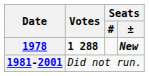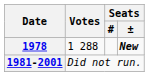 <table class="wikitable">
 <tr>
 <th rowspan="2">Date</th>
 <th rowspan="2">Votes</th>
 <th colspan="2">Seats</th>
 </tr>
 <tr>
 <th>#</th>
 <th>±</th>
 </tr>
 <tr>
 <th><a href='#'>1978</a></th>
-<td><strong>1 288</strong></td>
+<td>1 288</td>
 <td></td>
 <td><strong><em>New</em></strong></td>
 </tr>
 <tr>
 <th><a href='#'>1981</a>-<a href='#'>2001</a></th>
 <td colspan="5" style="text-align:center;"><em>Did not run.</em></td>
 </tr>
 </table>
